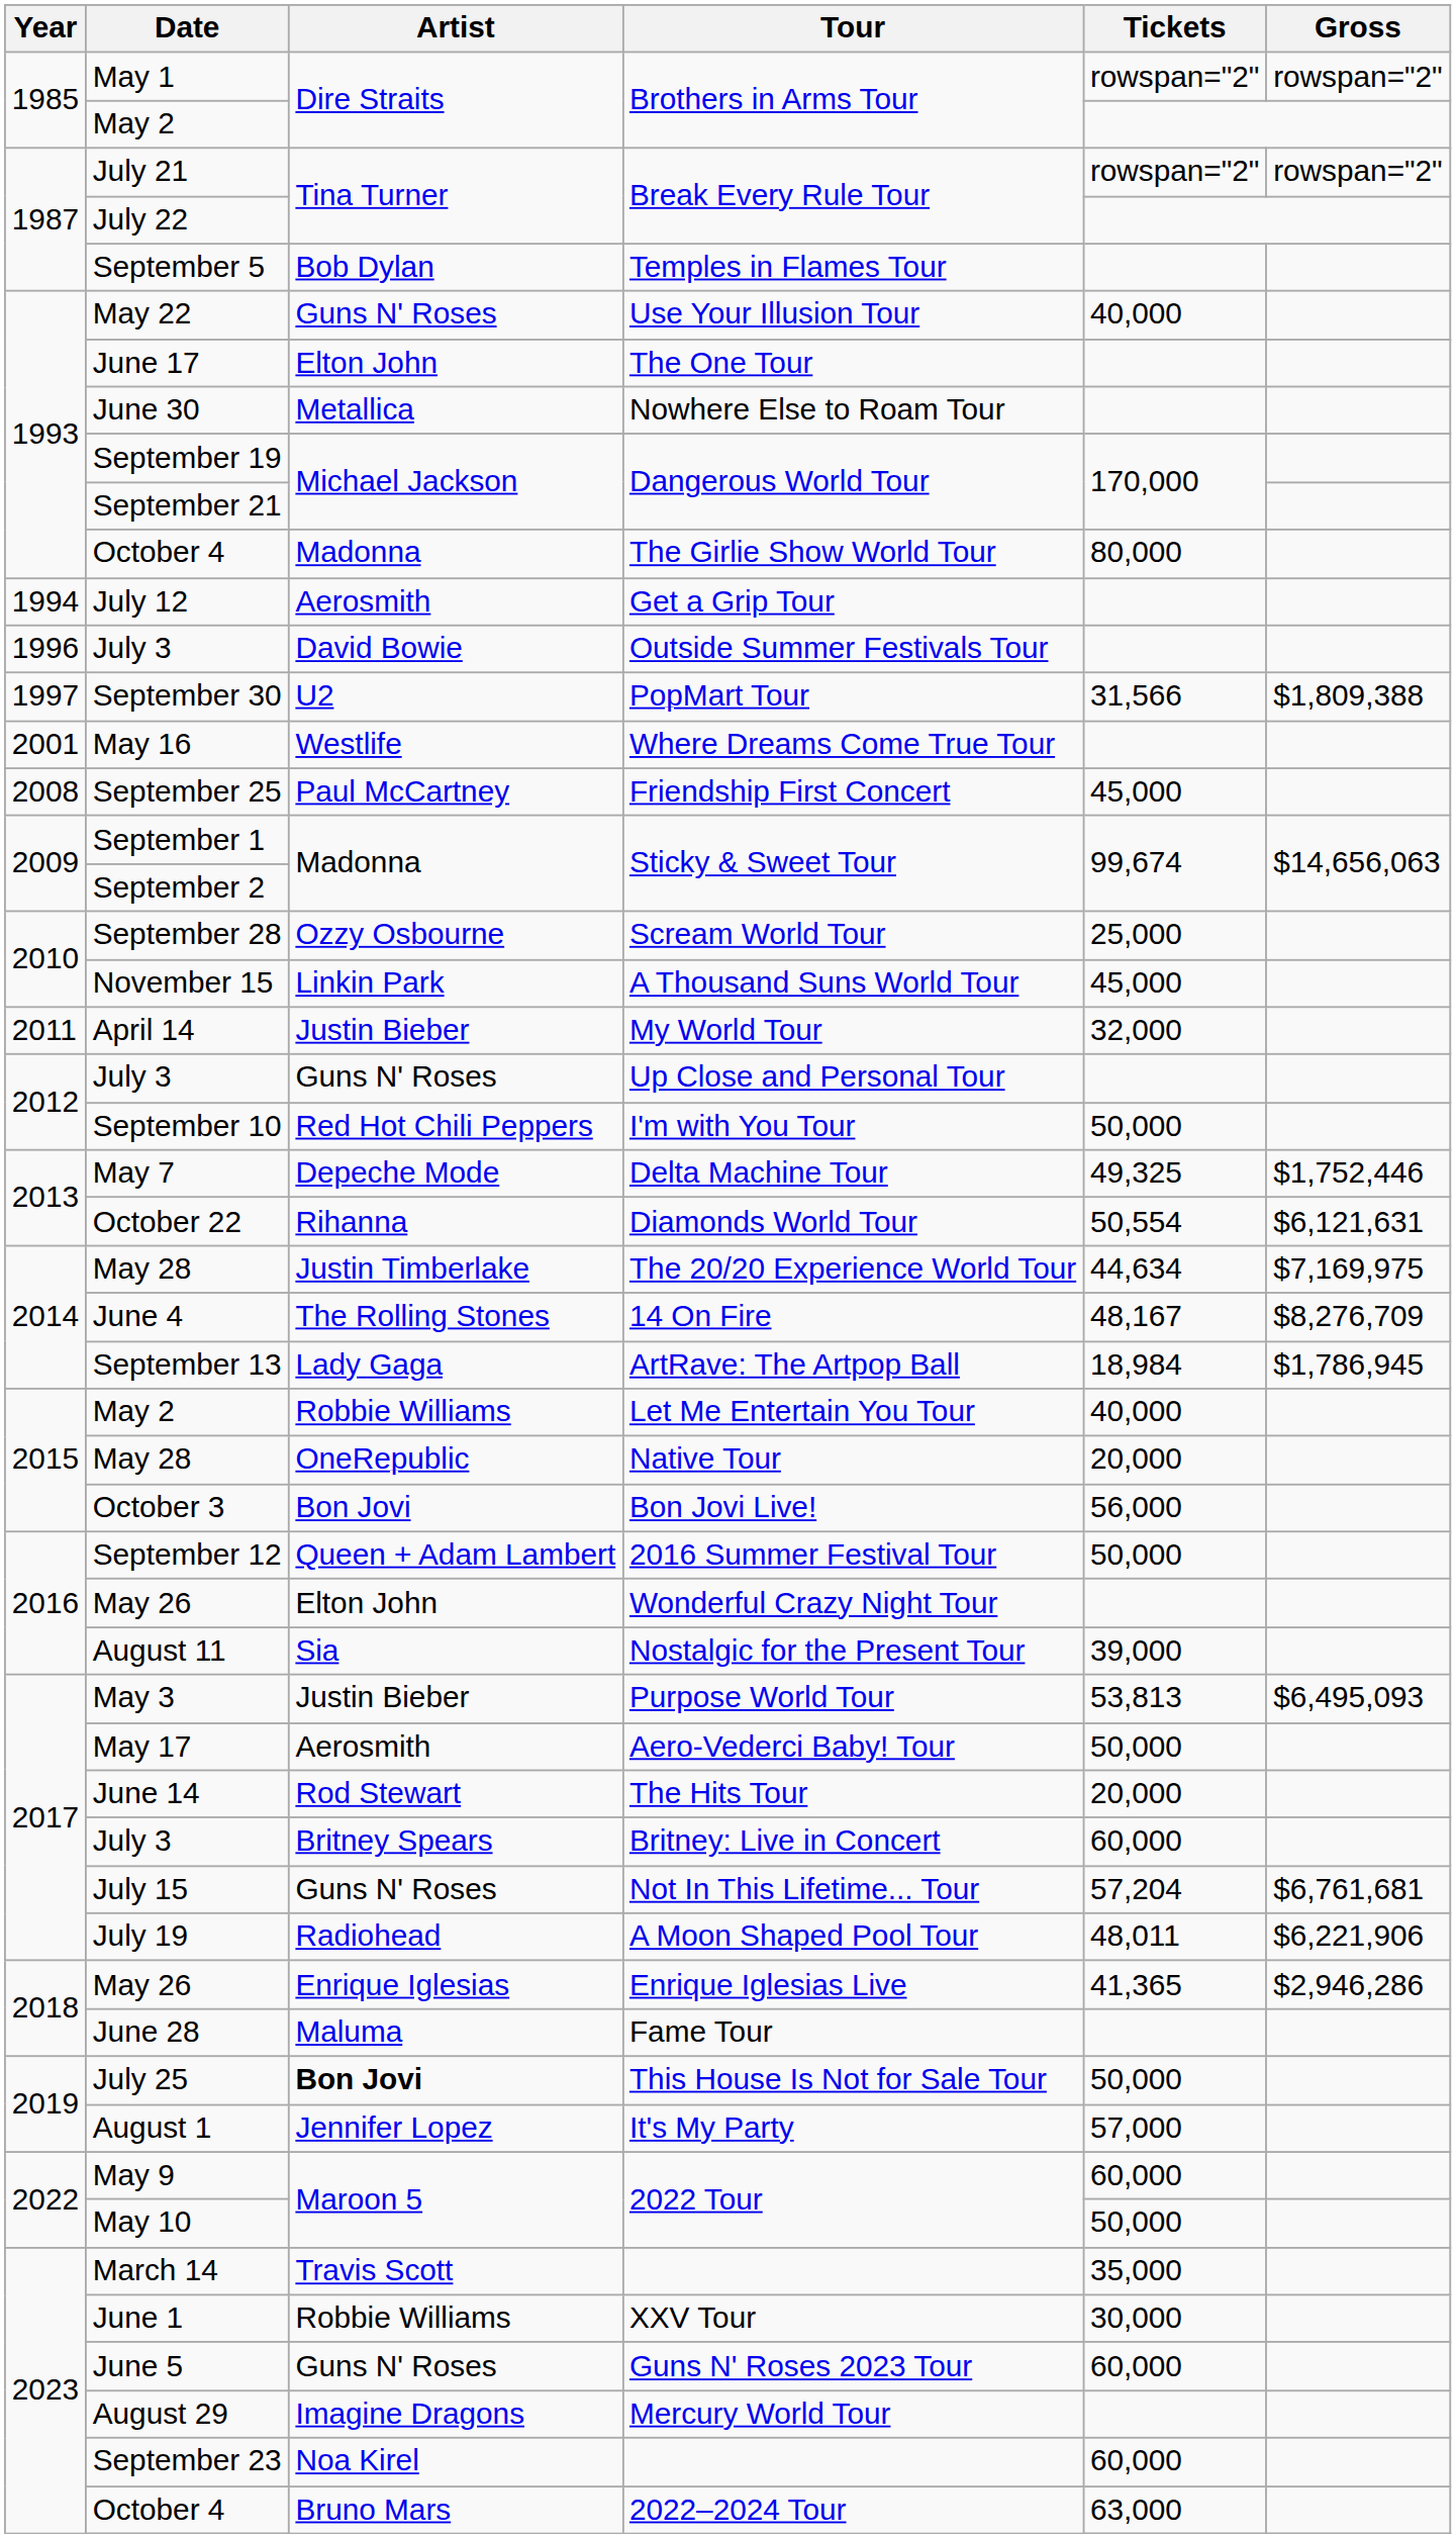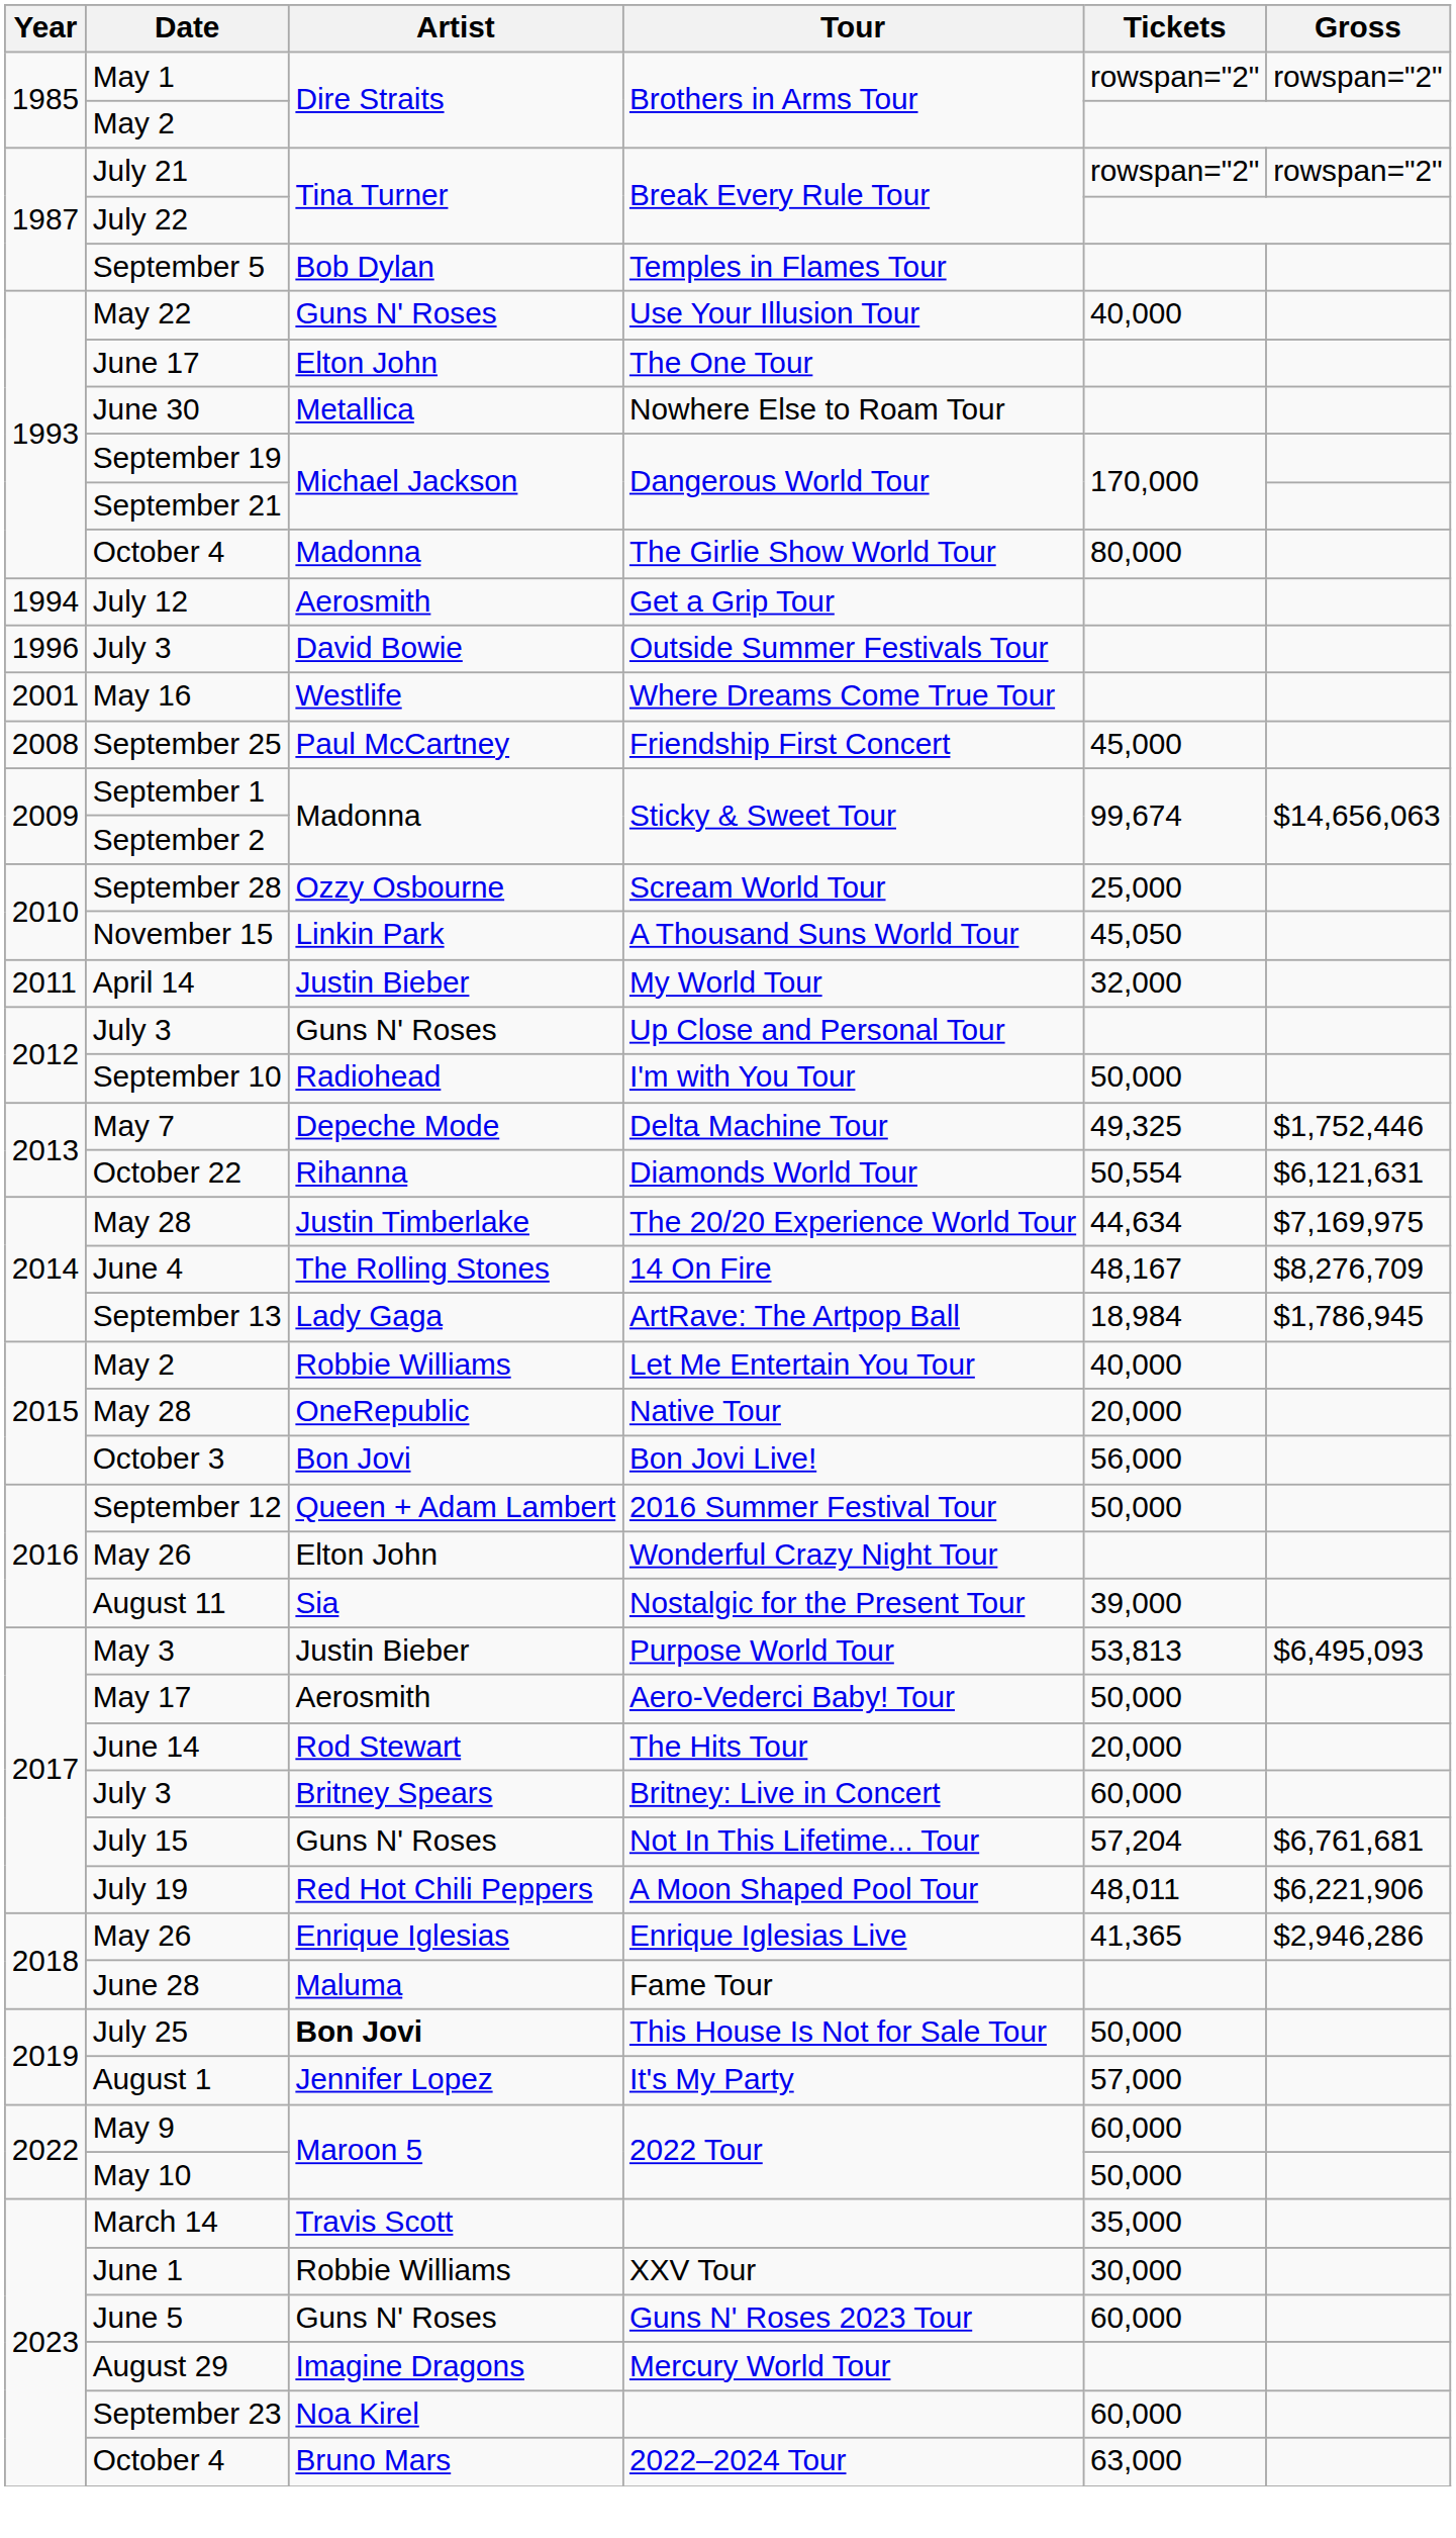 <table class="wikitable">
 <tr>
 <th scope="col">Year</th>
 <th scope="col">Date</th>
 <th scope="col">Artist</th>
 <th scope="col">Tour</th>
 <th scope="col">Tickets</th>
 <th scope="col">Gross</th>
 </tr>
 <tr>
 <td rowspan="2">1985</td>
 <td>May 1</td>
 <td rowspan="2"><a href='#'>Dire Straits</a></td>
 <td rowspan="2"><a href='#'>Brothers in Arms Tour</a></td>
 <td>rowspan="2" </td>
 <td>rowspan="2" </td>
 </tr>
 <tr>
 <td>May 2</td>
 </tr>
 <tr>
 <td rowspan="3">1987</td>
 <td>July 21</td>
 <td rowspan="2"><a href='#'>Tina Turner</a></td>
 <td rowspan="2"><a href='#'>Break Every Rule Tour</a></td>
 <td>rowspan="2" </td>
 <td>rowspan="2" </td>
 </tr>
 <tr>
 <td>July 22</td>
 </tr>
 <tr>
 <td>September 5</td>
 <td><a href='#'>Bob Dylan</a></td>
 <td><a href='#'>Temples in Flames Tour</a></td>
 <td></td>
 <td></td>
 </tr>
 <tr>
 <td rowspan="6">1993</td>
 <td>May 22</td>
 <td><a href='#'>Guns N' Roses</a></td>
 <td><a href='#'>Use Your Illusion Tour</a></td>
 <td>40,000</td>
 <td></td>
 </tr>
 <tr>
 <td>June 17</td>
 <td><a href='#'>Elton John</a></td>
 <td><a href='#'>The One Tour</a></td>
 <td></td>
 <td></td>
 </tr>
 <tr>
 <td>June 30</td>
 <td><a href='#'>Metallica</a></td>
 <td>Nowhere Else to Roam Tour</td>
 <td></td>
 <td></td>
 </tr>
 <tr>
 <td>September 19</td>
 <td rowspan="2"><a href='#'>Michael Jackson</a></td>
 <td rowspan="2"><a href='#'>Dangerous World Tour</a></td>
 <td rowspan="2">170,000</td>
 <td></td>
 </tr>
 <tr>
 <td>September 21</td>
 <td></td>
 </tr>
 <tr>
 <td>October 4</td>
 <td><a href='#'>Madonna</a></td>
 <td><a href='#'>The Girlie Show World Tour</a></td>
 <td>80,000</td>
 <td></td>
 </tr>
 <tr>
 <td>1994</td>
 <td>July 12</td>
 <td><a href='#'>Aerosmith</a></td>
 <td><a href='#'>Get a Grip Tour</a></td>
 <td></td>
 <td></td>
 </tr>
 <tr>
 <td>1996</td>
 <td>July 3</td>
 <td><a href='#'>David Bowie</a></td>
 <td><a href='#'>Outside Summer Festivals Tour</a></td>
 <td></td>
 <td></td>
 </tr>
 <tr>
-<td>1997</td>
-<td>September 30</td>
-<td><a href='#'>U2</a></td>
-<td><a href='#'>PopMart Tour</a></td>
-<td>31,566</td>
-<td>$1,809,388</td>
-</tr>
-<tr>
 <td>2001</td>
 <td>May 16</td>
 <td><a href='#'>Westlife</a></td>
 <td><a href='#'>Where Dreams Come True Tour</a></td>
 <td></td>
 <td></td>
 </tr>
 <tr>
 <td>2008</td>
 <td>September 25</td>
 <td><a href='#'>Paul McCartney</a></td>
 <td><a href='#'>Friendship First Concert</a></td>
 <td>45,000</td>
 <td></td>
 </tr>
 <tr>
 <td rowspan="2">2009</td>
 <td>September 1</td>
 <td rowspan="2">Madonna</td>
 <td rowspan="2"><a href='#'>Sticky & Sweet Tour</a></td>
 <td rowspan="2">99,674</td>
 <td rowspan="2">$14,656,063</td>
 </tr>
 <tr>
 <td>September 2</td>
 </tr>
 <tr>
 <td rowspan="2">2010</td>
 <td>September 28</td>
 <td><a href='#'>Ozzy Osbourne</a></td>
 <td><a href='#'>Scream World Tour</a></td>
 <td>25,000</td>
 <td></td>
 </tr>
 <tr>
 <td>November 15</td>
 <td><a href='#'>Linkin Park</a></td>
 <td><a href='#'>A Thousand Suns World Tour</a></td>
-<td>45,000</td>
+<td>45,050</td>
 <td></td>
 </tr>
 <tr>
 <td>2011</td>
 <td>April 14</td>
 <td><a href='#'>Justin Bieber</a></td>
 <td><a href='#'>My World Tour</a></td>
 <td>32,000</td>
 <td></td>
 </tr>
 <tr>
 <td rowspan="2">2012</td>
 <td>July 3</td>
 <td>Guns N' Roses</td>
 <td><a href='#'>Up Close and Personal Tour</a></td>
 <td></td>
 <td></td>
 </tr>
 <tr>
 <td>September 10</td>
-<td><a href='#'>Red Hot Chili Peppers</a></td>
+<td><a href='#'>Radiohead</a></td>
 <td><a href='#'>I'm with You Tour</a></td>
 <td>50,000</td>
 <td></td>
 </tr>
 <tr>
 <td rowspan="2">2013</td>
 <td>May 7</td>
 <td><a href='#'>Depeche Mode</a></td>
 <td><a href='#'>Delta Machine Tour</a></td>
 <td>49,325</td>
 <td>$1,752,446</td>
 </tr>
 <tr>
 <td>October 22</td>
 <td><a href='#'>Rihanna</a></td>
 <td><a href='#'>Diamonds World Tour</a></td>
 <td>50,554</td>
 <td>$6,121,631</td>
 </tr>
 <tr>
 <td rowspan="3">2014</td>
 <td>May 28</td>
 <td><a href='#'>Justin Timberlake</a></td>
 <td><a href='#'>The 20/20 Experience World Tour</a></td>
 <td>44,634</td>
 <td>$7,169,975</td>
 </tr>
 <tr>
 <td>June 4</td>
 <td><a href='#'>The Rolling Stones</a></td>
 <td><a href='#'>14 On Fire</a></td>
 <td>48,167</td>
 <td>$8,276,709</td>
 </tr>
 <tr>
 <td>September 13</td>
 <td><a href='#'>Lady Gaga</a></td>
 <td><a href='#'>ArtRave: The Artpop Ball</a></td>
 <td>18,984</td>
 <td>$1,786,945</td>
 </tr>
 <tr>
 <td rowspan="3">2015</td>
 <td>May 2</td>
 <td><a href='#'>Robbie Williams</a></td>
 <td><a href='#'>Let Me Entertain You Tour</a></td>
 <td>40,000</td>
 <td></td>
 </tr>
 <tr>
 <td>May 28</td>
 <td><a href='#'>OneRepublic</a></td>
 <td><a href='#'>Native Tour</a></td>
 <td>20,000</td>
 <td></td>
 </tr>
 <tr>
 <td>October 3</td>
 <td><a href='#'>Bon Jovi</a></td>
 <td><a href='#'>Bon Jovi Live!</a></td>
 <td>56,000</td>
 <td></td>
 </tr>
 <tr>
 <td rowspan="3">2016</td>
 <td>September 12</td>
 <td><a href='#'>Queen + Adam Lambert</a></td>
 <td><a href='#'>2016 Summer Festival Tour</a></td>
 <td>50,000</td>
 <td></td>
 </tr>
 <tr>
 <td>May 26</td>
 <td>Elton John</td>
 <td><a href='#'>Wonderful Crazy Night Tour</a></td>
 <td></td>
 <td></td>
 </tr>
 <tr>
 <td>August 11</td>
 <td><a href='#'>Sia</a></td>
 <td><a href='#'>Nostalgic for the Present Tour</a></td>
 <td>39,000</td>
 <td></td>
 </tr>
 <tr>
 <td rowspan="6">2017</td>
 <td>May 3</td>
 <td>Justin Bieber</td>
 <td><a href='#'>Purpose World Tour</a></td>
 <td>53,813</td>
 <td>$6,495,093</td>
 </tr>
 <tr>
 <td>May 17</td>
 <td>Aerosmith</td>
 <td><a href='#'>Aero-Vederci Baby! Tour</a></td>
 <td>50,000</td>
 <td></td>
 </tr>
 <tr>
 <td>June 14</td>
 <td><a href='#'>Rod Stewart</a></td>
 <td><a href='#'>The Hits Tour</a></td>
 <td>20,000</td>
 <td></td>
 </tr>
 <tr>
 <td>July 3</td>
 <td><a href='#'>Britney Spears</a></td>
 <td><a href='#'>Britney: Live in Concert</a></td>
 <td>60,000</td>
 <td></td>
 </tr>
 <tr>
 <td>July 15</td>
 <td>Guns N' Roses</td>
 <td><a href='#'>Not In This Lifetime... Tour</a></td>
 <td>57,204</td>
 <td>$6,761,681</td>
 </tr>
 <tr>
 <td>July 19</td>
-<td><a href='#'>Radiohead</a></td>
+<td><a href='#'>Red Hot Chili Peppers</a></td>
 <td><a href='#'>A Moon Shaped Pool Tour</a></td>
 <td>48,011</td>
 <td>$6,221,906</td>
 </tr>
 <tr>
 <td rowspan="2">2018</td>
 <td>May 26</td>
 <td><a href='#'>Enrique Iglesias</a></td>
 <td><a href='#'>Enrique Iglesias Live</a></td>
 <td>41,365</td>
 <td>$2,946,286</td>
 </tr>
 <tr>
 <td>June 28</td>
 <td><a href='#'>Maluma</a></td>
 <td>Fame Tour</td>
 <td></td>
 <td></td>
 </tr>
 <tr>
 <td rowspan="2">2019</td>
 <td>July 25</td>
 <td><strong>Bon Jovi</strong></td>
 <td><a href='#'>This House Is Not for Sale Tour</a></td>
 <td>50,000</td>
 <td></td>
 </tr>
 <tr>
 <td>August 1</td>
 <td><a href='#'>Jennifer Lopez</a></td>
 <td><a href='#'>It's My Party</a></td>
 <td>57,000</td>
 <td></td>
 </tr>
 <tr>
 <td rowspan="2">2022</td>
 <td>May 9</td>
 <td rowspan="2"><a href='#'>Maroon 5</a></td>
 <td rowspan="2"><a href='#'>2022 Tour</a></td>
 <td>60,000</td>
 <td></td>
 </tr>
 <tr>
 <td>May 10</td>
 <td>50,000</td>
 <td></td>
 </tr>
 <tr>
 <td rowspan="7">2023</td>
 <td>March 14</td>
 <td><a href='#'>Travis Scott</a></td>
 <td></td>
 <td>35,000</td>
 <td></td>
 </tr>
 <tr>
 <td>June 1</td>
 <td>Robbie Williams</td>
 <td>XXV Tour</td>
 <td>30,000</td>
 <td></td>
 </tr>
 <tr>
 <td>June 5</td>
 <td>Guns N' Roses</td>
 <td><a href='#'>Guns N' Roses 2023 Tour</a></td>
 <td>60,000</td>
 <td></td>
 </tr>
 <tr>
 <td>August 29</td>
 <td><a href='#'>Imagine Dragons</a></td>
 <td><a href='#'>Mercury World Tour</a></td>
 <td></td>
 <td></td>
 </tr>
 <tr>
 <td>September 23</td>
 <td><a href='#'>Noa Kirel</a></td>
 <td></td>
 <td>60,000</td>
 <td></td>
 </tr>
 <tr>
 <td>October 4</td>
 <td rowspan="2"><a href='#'>Bruno Mars</a></td>
 <td rowspan="2"><a href='#'>2022–2024 Tour</a></td>
 <td>63,000</td>
 <td></td>
 </tr>
 <tr>
 </tr>
 </table>
